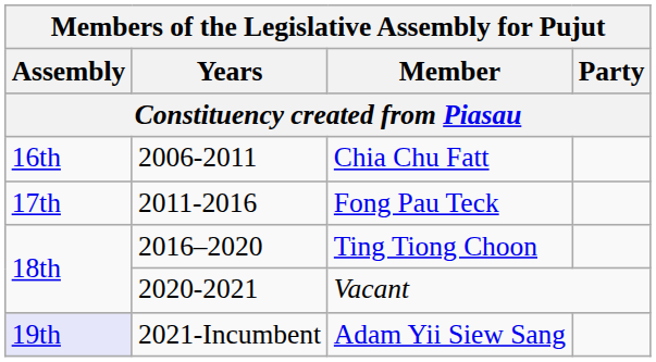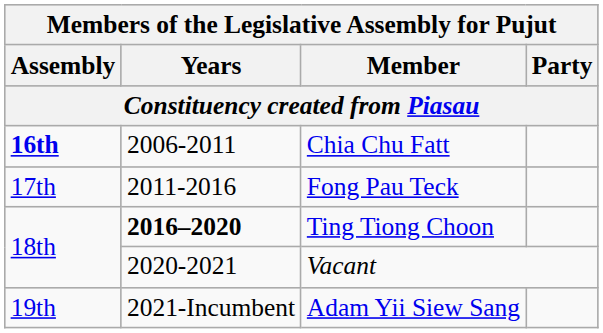 <table class=wikitable>
 <tr>
 <th colspan="4">Members of the Legislative Assembly for Pujut</th>
 </tr>
 <tr>
 <th>Assembly</th>
 <th>Years</th>
 <th>Member</th>
 <th>Party</th>
 </tr>
 <tr>
 <th colspan=4 align=center><em>Constituency created from <a href='#'>Piasau</a></em></th>
 </tr>
 <tr>
-<td><a href='#'>16th</a></td>
+<td><strong><a href='#'>16th</a></strong></td>
 <td>2006-2011</td>
 <td><a href='#'>Chia Chu Fatt</a></td>
 <td></td>
 </tr>
 <tr>
 <td><a href='#'>17th</a></td>
 <td>2011-2016</td>
 <td><a href='#'>Fong Pau Teck</a></td>
 <td></td>
 </tr>
 <tr>
 <td rowspan="2"><a href='#'>18th</a></td>
-<td>2016–2020</td>
+<td><strong>2016–2020</strong></td>
 <td><a href='#'>Ting Tiong Choon</a></td>
 <td></td>
 </tr>
 <tr>
 <td>2020-2021</td>
 <td colspan="2"><em>Vacant</em></td>
 </tr>
 <tr>
-<td style="background: lavender;"><a href='#'>19th</a></td>
+<td><a href='#'>19th</a></td>
 <td>2021-Incumbent</td>
 <td><a href='#'>Adam Yii Siew Sang</a></td>
 <td></td>
 </tr>
 </table>
